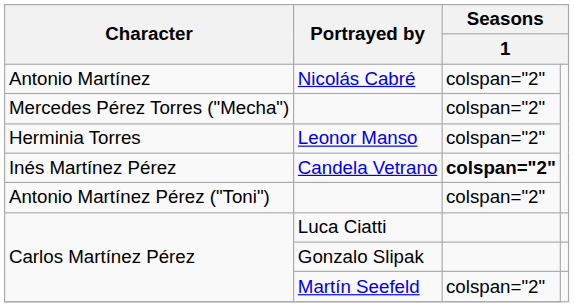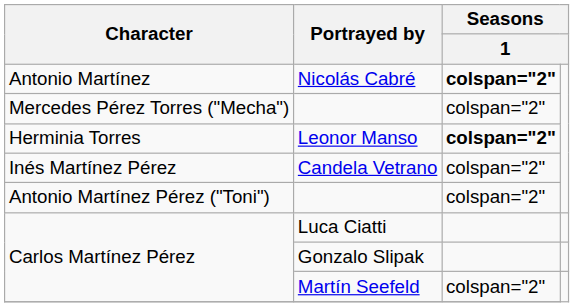 <table class="wikitable">
 <tr>
 <th rowspan="2">Character</th>
 <th rowspan="2">Portrayed by</th>
 <th colspan="2">Seasons</th>
 </tr>
 <tr>
 <th colspan="2">1</th>
 </tr>
 <tr>
 <td>Antonio Martínez</td>
 <td><a href='#'>Nicolás Cabré</a></td>
-<td>colspan="2" </td>
+<td><strong>colspan="2" </strong></td>
 </tr>
 <tr>
 <td>Mercedes Pérez Torres ("Mecha")</td>
 <td></td>
 <td>colspan="2" </td>
 </tr>
 <tr>
 <td>Herminia Torres</td>
 <td><a href='#'>Leonor Manso</a></td>
-<td>colspan="2" </td>
+<td><strong>colspan="2" </strong></td>
 </tr>
 <tr>
 <td>Inés Martínez Pérez</td>
 <td><a href='#'>Candela Vetrano</a></td>
-<td><strong>colspan="2" </strong></td>
+<td>colspan="2" </td>
 </tr>
 <tr>
 <td>Antonio Martínez Pérez ("Toni")</td>
 <td></td>
 <td>colspan="2" </td>
 </tr>
 <tr>
 <td rowspan = 3>Carlos Martínez Pérez</td>
 <td>Luca Ciatti</td>
 <td></td>
 <td></td>
 </tr>
 <tr>
 <td>Gonzalo Slipak</td>
 <td></td>
 <td></td>
 </tr>
 <tr>
 <td><a href='#'>Martín Seefeld</a></td>
 <td>colspan="2"  </td>
 </tr>
 <tr>
 </tr>
 </table>
